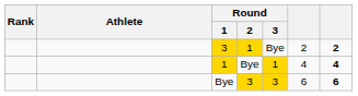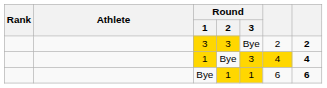 <table class="wikitable" style="text-align: center;">
 <tr>
 <th rowspan="2" width=40>Rank</th>
 <th rowspan="2" width=250>Athlete</th>
 <th colspan="3">Round</th>
 <th rowspan="2" width=40></th>
 <th rowspan="2" width=40></th>
 </tr>
 <tr>
 <th width=30>1</th>
 <th width=30>2</th>
 <th width=30>3</th>
 </tr>
 <tr>
 <td></td>
 <td align="left"></td>
 <td bgcolor=gold>3</td>
-<td bgcolor=gold>1</td>
+<td bgcolor=gold>3</td>
 <td>Bye</td>
 <td>2</td>
 <td><strong>2</strong></td>
 </tr>
 <tr>
 <td></td>
 <td align="left"></td>
 <td bgcolor=gold>1</td>
 <td>Bye</td>
-<td bgcolor=gold>1</td>
-<td>4</td>
+<td bgcolor=gold>3</td>
+<td style="background: gold;">4</td>
 <td><strong>4</strong></td>
 </tr>
 <tr>
 <td></td>
 <td align="left"></td>
 <td>Bye</td>
-<td bgcolor=gold>3</td>
-<td bgcolor=gold>3</td>
+<td bgcolor=gold>1</td>
+<td bgcolor=gold>1</td>
 <td>6</td>
 <td><strong>6</strong></td>
 </tr>
 </table>
